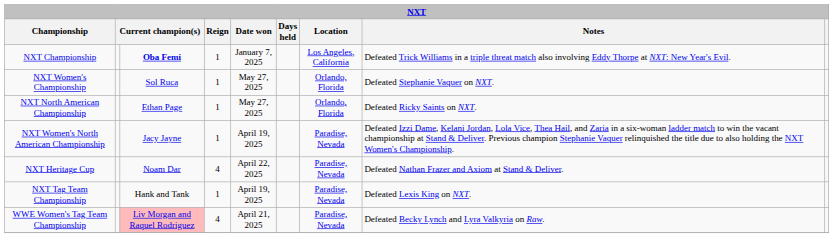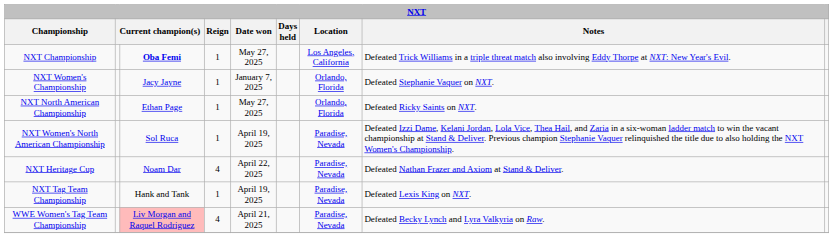 <table class="wikitable" style="font-size: 85%;">
 <tr>
 <th colspan="10" style="background:silver;"><a href='#'>NXT</a></th>
 </tr>
 <tr>
 <th>Championship</th>
 <th colspan="2">Current champion(s)</th>
 <th>Reign</th>
 <th>Date won</th>
 <th>Days<br>held</th>
 <th>Location</th>
 <th>Notes</th>
 <th></th>
 </tr>
 <tr>
 <td align=center><a href='#'>NXT Championship</a></td>
 <td align=center></td>
 <td align=center><strong><a href='#'>Oba Femi</a></strong></td>
 <td align=center>1</td>
-<td align=center>January 7, 2025</td>
+<td align=center>May 27, 2025</td>
 <td align=center></td>
 <td align=center><a href='#'>Los Angeles, California</a></td>
 <td>Defeated <a href='#'>Trick Williams</a> in a <a href='#'>triple threat match</a> also involving <a href='#'>Eddy Thorpe</a> at <a href='#'><em>NXT</em>: New Year's Evil</a>.</td>
 <td></td>
 </tr>
 <tr>
 <td align=center><a href='#'>NXT Women's Championship</a></td>
 <td align=center></td>
-<td align=center><a href='#'>Sol Ruca</a></td>
+<td align=center><a href='#'>Jacy Jayne</a></td>
 <td align=center>1</td>
-<td align=center>May 27, 2025</td>
+<td align=center>January 7, 2025</td>
 <td align=center></td>
 <td align=center><a href='#'>Orlando, Florida</a></td>
 <td align=left>Defeated <a href='#'>Stephanie Vaquer</a> on <em><a href='#'>NXT</a></em>.</td>
 <td></td>
 </tr>
 <tr>
 <td align=center><a href='#'>NXT North American Championship</a></td>
 <td align=center></td>
 <td align=center><a href='#'>Ethan Page</a></td>
 <td align=center>1</td>
 <td align=center>May 27, 2025</td>
 <td align=center></td>
 <td align=center><a href='#'>Orlando, Florida</a></td>
 <td align=left>Defeated <a href='#'>Ricky Saints</a> on <em><a href='#'>NXT</a></em>.</td>
 <td></td>
 </tr>
 <tr>
 <td align=center><a href='#'>NXT Women's North American Championship</a></td>
 <td align=center></td>
-<td align=center><a href='#'>Jacy Jayne</a></td>
+<td align=center><a href='#'>Sol Ruca</a></td>
 <td align=center>1</td>
 <td align=center>April 19, 2025</td>
 <td align=center></td>
 <td align=center><a href='#'>Paradise, Nevada</a></td>
 <td align=left>Defeated <a href='#'>Izzi Dame</a>, <a href='#'>Kelani Jordan</a>, <a href='#'>Lola Vice</a>, <a href='#'>Thea Hail</a>, and <a href='#'>Zaria</a> in a six-woman <a href='#'>ladder match</a> to win the vacant championship at <a href='#'>Stand & Deliver</a>. Previous champion <a href='#'>Stephanie Vaquer</a> relinquished the title due to also holding the <a href='#'>NXT Women's Championship</a>.</td>
 <td></td>
 </tr>
 <tr>
 <td align=center><a href='#'>NXT Heritage Cup</a></td>
 <td align=center></td>
 <td align=center><a href='#'>Noam Dar</a></td>
 <td align=center>4</td>
 <td align=center>April 22, 2025</td>
 <td align=center></td>
 <td align=center><a href='#'>Paradise, Nevada</a></td>
 <td align=left>Defeated <a href='#'>Nathan Frazer and Axiom</a> at <a href='#'>Stand & Deliver</a>.</td>
 <td></td>
 </tr>
 <tr>
 <td align=center><a href='#'>NXT Tag Team Championship</a></td>
 <td align=center></td>
 <td align=center>Hank and Tank<br></td>
 <td align=center>1</td>
 <td align=center>April 19, 2025</td>
 <td align=center></td>
 <td align=center><a href='#'>Paradise, Nevada</a></td>
 <td align=left>Defeated <a href='#'>Lexis King</a> on <em><a href='#'>NXT</a></em>.</td>
 <td></td>
 </tr>
 <tr>
 <td align=center><a href='#'>WWE Women's Tag Team Championship</a></td>
 <td align=center><br></td>
 <td style="background:#FBB;" align=center><a href='#'>Liv Morgan and Raquel Rodriguez</a> </td>
 <td align=center>4<br></td>
 <td align=center>April 21, 2025</td>
 <td align=center></td>
 <td align=center><a href='#'>Paradise, Nevada</a></td>
 <td align="left">Defeated <a href='#'>Becky Lynch</a> and <a href='#'>Lyra Valkyria</a> on <em><a href='#'>Raw</a></em>.</td>
 <td></td>
 </tr>
 <tr>
 </tr>
 </table>
